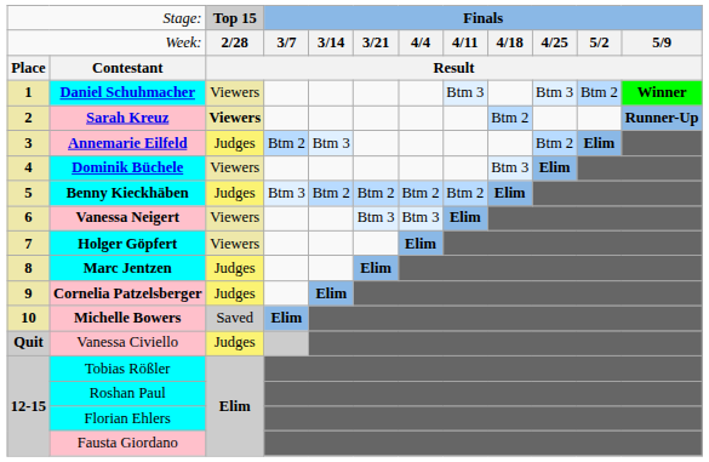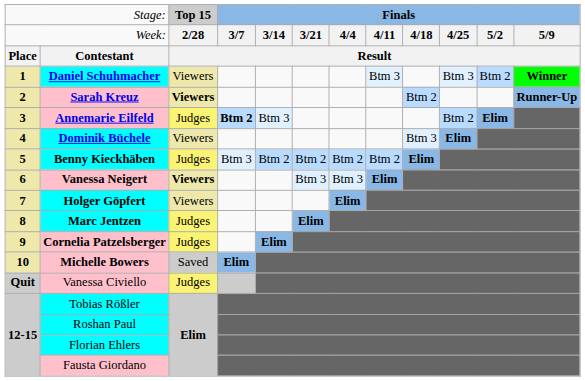 <table class="wikitable" style="text-align:center; font-size:85%; margin:1em auto;">
 <tr>
 <td style="text-align:right;" colspan="2"><em>Stage:</em></td>
 <td style="background:#ccc;"><strong>Top 15</strong></td>
 <td style="background:#8ab8e6;" colspan="9"><strong>Finals</strong></td>
 </tr>
 <tr>
 <td style="text-align:right;" colspan="2"><em>Week:</em></td>
 <th>2/28</th>
 <th>3/7</th>
 <th>3/14</th>
 <th>3/21</th>
 <th>4/4</th>
 <th>4/11</th>
 <th>4/18</th>
 <th>4/25</th>
 <th>5/2</th>
 <th>5/9</th>
 </tr>
 <tr>
 <th>Place</th>
 <th>Contestant</th>
 <th colspan="38" style="text-align:center;">Result</th>
 </tr>
 <tr>
 <td style="text-align:center; background:palegoldenrod;"><strong>1</strong></td>
 <td style="background:cyan;"><strong><a href='#'>Daniel Schuhmacher</a></strong></td>
 <td style="background:palegoldenrod; text-align:center;">Viewers</td>
 <td></td>
 <td></td>
 <td></td>
 <td></td>
 <td style="background:#e0f0ff;">Btm 3</td>
 <td></td>
 <td style="background:#e0f0ff;">Btm 3</td>
 <td style="background:#b8dbff;">Btm 2</td>
 <td style="background:lime; text-align:center;"><strong>Winner</strong></td>
 </tr>
 <tr>
 <td style="text-align:center; background:palegoldenrod;"><strong>2</strong></td>
 <td style="background:pink;"><strong><a href='#'>Sarah Kreuz</a></strong></td>
 <td style="background:palegoldenrod; text-align:center;"><strong>Viewers</strong></td>
 <td></td>
 <td></td>
 <td></td>
 <td></td>
 <td></td>
 <td style="background:#b8dbff;">Btm 2</td>
 <td></td>
 <td></td>
 <td style="background:#8ab8e6;"><strong>Runner-Up</strong></td>
 </tr>
 <tr>
 <td style="text-align:center; background:palegoldenrod;"><strong>3</strong></td>
 <td style="background:pink;"><strong><a href='#'>Annemarie Eilfeld</a></strong></td>
 <td style="background:#fbf373; text-align:center;">Judges</td>
-<td style="background:#b8dbff;">Btm 2</td>
+<td style="background:#b8dbff;"><strong>Btm 2</strong></td>
 <td style="background:#e0f0ff;">Btm 3</td>
 <td></td>
 <td></td>
 <td></td>
 <td></td>
 <td style="background:#b8dbff;">Btm 2</td>
 <td style="background:#8ab8e6;"><strong>Elim</strong></td>
 <td style="background:#666;"></td>
 </tr>
 <tr>
 <td style="text-align:center; background:palegoldenrod;"><strong>4</strong></td>
 <td style="background:cyan;"><strong><a href='#'>Dominik Büchele</a></strong></td>
 <td style="background:palegoldenrod; text-align:center;">Viewers</td>
 <td></td>
 <td></td>
 <td></td>
 <td></td>
 <td></td>
 <td style="background:#e0f0ff;">Btm 3</td>
 <td style="background:#8ab8e6;"><strong>Elim</strong></td>
 <td colspan="2" style="background:#666;"></td>
 </tr>
 <tr>
 <td style="text-align:center; background:palegoldenrod;"><strong>5</strong></td>
 <td style="background:cyan;"><strong>Benny Kieckhäben</strong></td>
 <td style="background:#fbf373; text-align:center;">Judges</td>
 <td style="background:#e0f0ff;">Btm 3</td>
 <td style="background:#b8dbff;">Btm 2</td>
 <td style="background:#b8dbff;">Btm 2</td>
 <td style="background:#b8dbff;">Btm 2</td>
 <td style="background:#b8dbff;">Btm 2</td>
 <td style="background:#8ab8e6;"><strong>Elim</strong></td>
 <td colspan="3" style="background:#666;"></td>
 </tr>
 <tr>
 <td style="text-align:center; background:palegoldenrod;"><strong>6</strong></td>
 <td style="background:pink;"><strong>Vanessa Neigert</strong></td>
-<td style="background:palegoldenrod; text-align:center;">Viewers</td>
+<td style="background:palegoldenrod; text-align:center;"><strong>Viewers</strong></td>
 <td></td>
 <td></td>
 <td style="background:#e0f0ff;">Btm 3</td>
 <td style="background:#e0f0ff;">Btm 3</td>
 <td style="background:#8ab8e6;"><strong>Elim</strong></td>
 <td colspan="4" style="background:#666;"></td>
 </tr>
 <tr>
 <td style="text-align:center; background:palegoldenrod;"><strong>7</strong></td>
 <td style="background:cyan;"><strong>Holger Göpfert</strong></td>
 <td style="background:palegoldenrod; text-align:center;">Viewers</td>
 <td></td>
 <td></td>
 <td></td>
 <td style="background:#8ab8e6;"><strong>Elim</strong></td>
 <td colspan="5" style="background:#666;"></td>
 </tr>
 <tr>
 <td style="text-align:center; background:palegoldenrod;"><strong>8</strong></td>
 <td style="background:cyan;"><strong>Marc Jentzen</strong></td>
 <td style="background:#fbf373; text-align:center;">Judges</td>
 <td></td>
 <td></td>
 <td style="background:#8ab8e6;"><strong>Elim</strong></td>
 <td colspan="6" style="background:#666;"></td>
 </tr>
 <tr>
 <td style="text-align:center; background:palegoldenrod;"><strong>9</strong></td>
 <td style="background:pink;"><strong>Cornelia Patzelsberger</strong></td>
 <td style="background:#fbf373; text-align:center;">Judges</td>
 <td></td>
 <td style="background:#8ab8e6;"><strong>Elim</strong></td>
 <td colspan="7" style="background:#666;"></td>
 </tr>
 <tr>
 <td style="text-align:center; background:palegoldenrod;"><strong>10</strong></td>
 <td style="background:Pink;"><strong>Michelle Bowers</strong></td>
 <td style="background:#ccc; text-align:center;">Saved</td>
 <td style="background:#8ab8e6;"><strong>Elim</strong></td>
 <td colspan="8" style="background:#666;"></td>
 </tr>
 <tr>
 <td style="text-align:center; background:#ccc;"><strong>Quit</strong></td>
 <td style="background:pink;">Vanessa Civiello</td>
 <td style="background:#fbf373; text-align:center;">Judges</td>
 <td style="background:#ccc; text-align:center;"></td>
 <td colspan="8" style="background:#666;"></td>
 </tr>
 <tr>
 <td style="text-align:center; background:#ccc;" rowspan="4"><strong>12-15</strong></td>
 <td style="background:cyan;">Tobias Rößler</td>
 <td style="background:#ccc; text-align:center;" rowspan="4"><strong>Elim</strong></td>
 <td colspan="9" style="background:#666;"></td>
 </tr>
 <tr>
 <td style="background:cyan;">Roshan Paul</td>
 <td colspan="9" style="background:#666;"></td>
 </tr>
 <tr>
 <td style="background:cyan;">Florian Ehlers</td>
 <td colspan="9" style="background:#666;"></td>
 </tr>
 <tr>
 <td style="background:pink;">Fausta Giordano</td>
 <td colspan="9" style="background:#666;"></td>
 </tr>
 </table>
